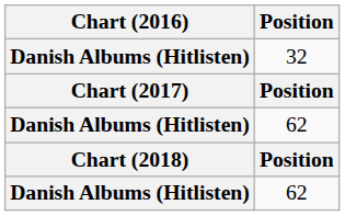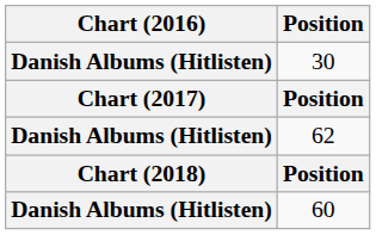 <table class="wikitable plainrowheaders" style="text-align:center">
 <tr>
 <th>Chart (2016)</th>
 <th>Position</th>
 </tr>
 <tr>
 <th scope="row">Danish Albums (Hitlisten)</th>
-<td>32</td>
+<td>30</td>
 </tr>
 <tr>
 <th>Chart (2017)</th>
 <th>Position</th>
 </tr>
 <tr>
 <th scope="row">Danish Albums (Hitlisten)</th>
 <td>62</td>
 </tr>
 <tr>
 <th>Chart (2018)</th>
 <th>Position</th>
 </tr>
 <tr>
 <th scope="row">Danish Albums (Hitlisten)</th>
-<td>62</td>
+<td>60</td>
 </tr>
 </table>
